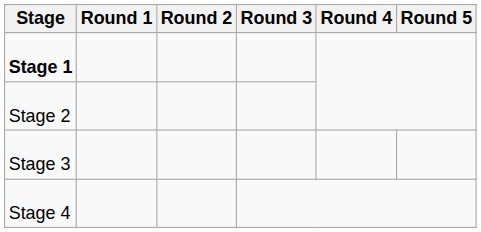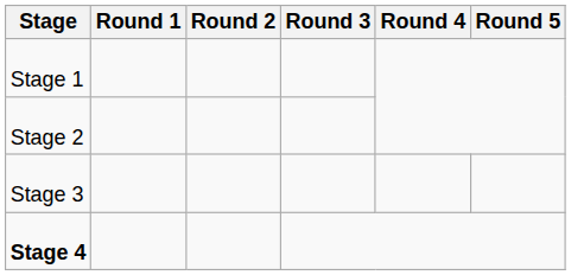 <table class="wikitable">
 <tr>
 <th>Stage</th>
 <th>Round 1</th>
 <th>Round 2</th>
 <th>Round 3</th>
 <th>Round 4</th>
 <th>Round 5</th>
 </tr>
 <tr>
-<td><strong><br>Stage 1</strong></td>
+<td><br>Stage 1</td>
 <td><br></td>
 <td><br></td>
 <td><br></td>
 </tr>
 <tr>
 <td><br>Stage 2</td>
 <td><br></td>
 <td></td>
 <td></td>
 </tr>
 <tr>
 <td><br>Stage 3</td>
 <td></td>
 <td><br></td>
 <td><br></td>
 <td><br></td>
 <td><br></td>
 </tr>
 <tr>
-<td><br>Stage 4</td>
+<td><strong><br>Stage 4</strong></td>
 <td><br></td>
 <td><br></td>
 </tr>
 </table>
